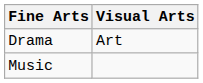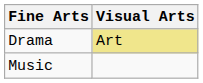 <table class="wikitable" border="1">
 <tr>
 <th>Fine Arts</th>
 <th>Visual Arts</th>
 </tr>
 <tr>
 <td>Drama</td>
-<td>Art</td>
+<td style="background: khaki;">Art</td>
 </tr>
 <tr>
 <td>Music</td>
 </tr>
 </table>
